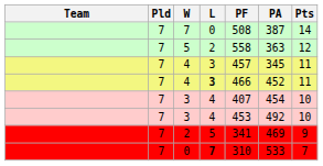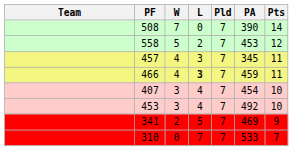 <table class="wikitable" style="text-align:center;">
 <tr>
 <th width=170>Team</th>
-<th width=25>Pld</th>
+<th width=35>PF</th>
 <th width=25>W</th>
 <th width=25>L</th>
-<th width=35>PF</th>
+<th width=25>Pld</th>
 <th width=35>PA</th>
 <th width=25>Pts</th>
 </tr>
 <tr bgcolor=#ccffcc>
 <td align="left"></td>
-<td>7</td>
+<td>508</td>
 <td>7</td>
 <td>0</td>
-<td>508</td>
-<td>387</td>
+<td>7</td>
+<td>390</td>
 <td>14</td>
 </tr>
 <tr bgcolor=#ccffcc>
 <td align="left"></td>
-<td>7</td>
+<td>558</td>
 <td>5</td>
 <td>2</td>
-<td>558</td>
-<td>363</td>
+<td>7</td>
+<td>453</td>
 <td>12</td>
 </tr>
 <tr bgcolor=#F3F781>
 <td align="left"></td>
-<td>7</td>
+<td>457</td>
 <td>4</td>
 <td>3</td>
-<td>457</td>
+<td>7</td>
 <td>345</td>
 <td>11</td>
 </tr>
 <tr bgcolor=#F3F781>
 <td align="left"></td>
-<td>7</td>
+<td>466</td>
 <td>4</td>
 <td><strong>3</strong></td>
-<td>466</td>
-<td>452</td>
+<td>7</td>
+<td>459</td>
 <td>11</td>
 </tr>
 <tr bgcolor=#ffcccc>
 <td align="left"></td>
-<td>7</td>
+<td>407</td>
 <td>3</td>
 <td>4</td>
-<td>407</td>
+<td>7</td>
 <td>454</td>
 <td>10</td>
 </tr>
 <tr bgcolor=#ffcccc>
 <td align="left"></td>
-<td>7</td>
+<td>453</td>
 <td>3</td>
 <td>4</td>
-<td>453</td>
+<td>7</td>
 <td>492</td>
 <td>10</td>
 </tr>
 <tr bgcolor=#FF0000>
 <td align="left"></td>
-<td>7</td>
+<td>341</td>
 <td>2</td>
 <td>5</td>
-<td>341</td>
+<td>7</td>
 <td>469</td>
 <td>9</td>
 </tr>
 <tr bgcolor=#FF0000>
 <td align="left"></td>
+<td>310</td>
+<td>0</td>
 <td>7</td>
-<td>0</td>
-<td><strong>7</strong></td>
-<td>310</td>
+<td>7</td>
 <td>533</td>
 <td>7</td>
 </tr>
 </table>
